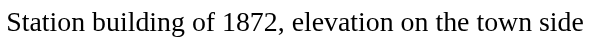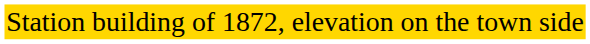 <table style="clear:both" align="center">
 <tr>
 <td></td>
 </tr>
 <tr>
-<td align="center">Station building of 1872, elevation on the town side</td>
+<td align="center" style="background: gold;">Station building of 1872, elevation on the town side</td>
 </tr>
 </table>
